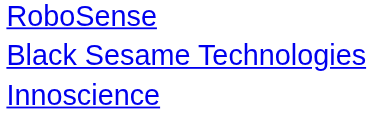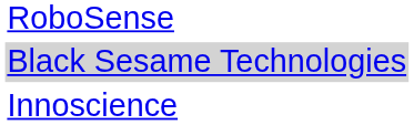 <table>
 <tr>
 <td> <a href='#'>RoboSense</a></td>
 </tr>
 <tr>
-<td> <a href='#'>Black Sesame Technologies</a></td>
+<td style="background: lightgrey;"> <a href='#'>Black Sesame Technologies</a></td>
 </tr>
 <tr>
 <td> <a href='#'>Innoscience</a></td>
 </tr>
 <tr>
 </tr>
 </table>
